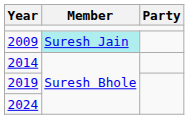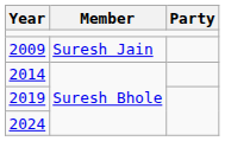 <table class="wikitable">
 <tr>
 <th>Year</th>
 <th>Member</th>
 <th colspan=2>Party</th>
 </tr>
 <tr>
 <td colspan="4"></td>
 </tr>
 <tr>
 <td><a href='#'>2009</a></td>
-<td style="background: paleturquoise;"><a href='#'>Suresh Jain</a></td>
+<td><a href='#'>Suresh Jain</a></td>
 <td></td>
 </tr>
 <tr>
 <td><a href='#'>2014</a></td>
 <td rowspan="3"><a href='#'>Suresh Bhole</a></td>
 <td></td>
 </tr>
 <tr>
 <td><a href='#'>2019</a></td>
 </tr>
 <tr>
 <td><a href='#'>2024</a></td>
 </tr>
 </table>
